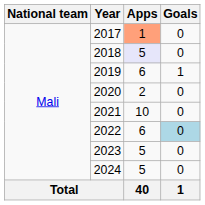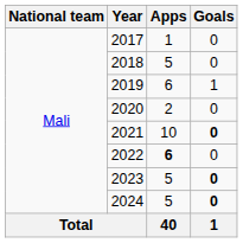 <table class="wikitable" style="text-align:center">
 <tr>
 <th>National team</th>
 <th>Year</th>
 <th>Apps</th>
 <th>Goals</th>
 </tr>
 <tr>
 <td rowspan="8"><a href='#'>Mali</a></td>
 <td>2017</td>
-<td style="background: lightsalmon;">1</td>
+<td>1</td>
 <td>0</td>
 </tr>
 <tr>
 <td>2018</td>
-<td style="background: lavender;">5</td>
+<td>5</td>
 <td>0</td>
 </tr>
 <tr>
 <td>2019</td>
 <td>6</td>
 <td>1</td>
 </tr>
 <tr>
 <td>2020</td>
 <td>2</td>
 <td>0</td>
 </tr>
 <tr>
 <td>2021</td>
 <td>10</td>
-<td>0</td>
+<td><strong>0</strong></td>
 </tr>
 <tr>
 <td>2022</td>
-<td>6</td>
-<td style="background: lightblue;">0</td>
+<td><strong>6</strong></td>
+<td>0</td>
 </tr>
 <tr>
 <td>2023</td>
 <td>5</td>
-<td>0</td>
+<td><strong>0</strong></td>
 </tr>
 <tr>
 <td>2024</td>
 <td>5</td>
-<td>0</td>
+<td><strong>0</strong></td>
 </tr>
 <tr>
 <th colspan="2">Total</th>
 <th>40</th>
 <th>1</th>
 </tr>
 </table>
